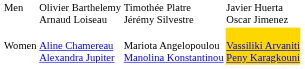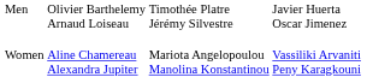 <table>
 <tr>
 <td>Men</td>
 <td nowrap><br>Olivier Barthelemy<br>Arnaud Loiseau</td>
 <td><br>Timothée Platre<br>Jérémy Silvestre</td>
 <td><br>Javier Huerta<br>Oscar Jimenez</td>
 </tr>
 <tr>
 <td>Women</td>
 <td nowrap><br><a href='#'>Aline Chamereau</a><br><a href='#'>Alexandra Jupiter</a></td>
 <td nowrap><br>Mariota Angelopoulou<br><a href='#'>Manolina Konstantinou</a></td>
-<td nowrap style="background: gold;"><br><a href='#'>Vassiliki Arvaniti</a><br><a href='#'>Peny Karagkouni</a></td>
+<td nowrap><br><a href='#'>Vassiliki Arvaniti</a><br><a href='#'>Peny Karagkouni</a></td>
 </tr>
 </table>
